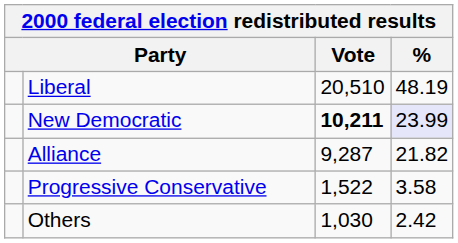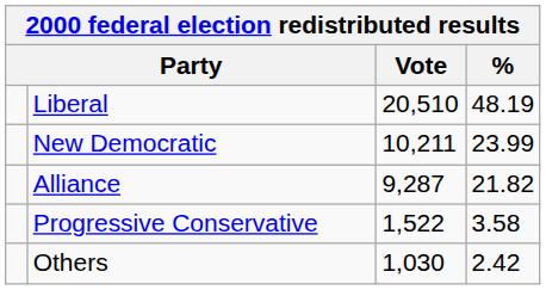 <table class="wikitable">
 <tr>
 <th colspan="4"><a href='#'>2000 federal election</a> redistributed results</th>
 </tr>
 <tr>
 <th bgcolor="#DDDDFF" width="230px" colspan="2">Party</th>
 <th bgcolor="#DDDDFF" width="50px">Vote</th>
 <th bgcolor="#DDDDFF" width="30px">%</th>
 </tr>
 <tr>
 <td> </td>
 <td><a href='#'>Liberal</a></td>
 <td>20,510</td>
 <td>48.19</td>
 </tr>
 <tr>
 <td> </td>
 <td><a href='#'>New Democratic</a></td>
-<td><strong>10,211</strong></td>
-<td style="background: lavender;">23.99</td>
+<td>10,211</td>
+<td>23.99</td>
 </tr>
 <tr>
 <td> </td>
 <td><a href='#'>Alliance</a></td>
 <td>9,287</td>
 <td>21.82</td>
 </tr>
 <tr>
 <td> </td>
 <td><a href='#'>Progressive Conservative</a></td>
 <td>1,522</td>
 <td>3.58</td>
 </tr>
 <tr>
 <td> </td>
 <td>Others</td>
 <td>1,030</td>
 <td>2.42</td>
 </tr>
 </table>
